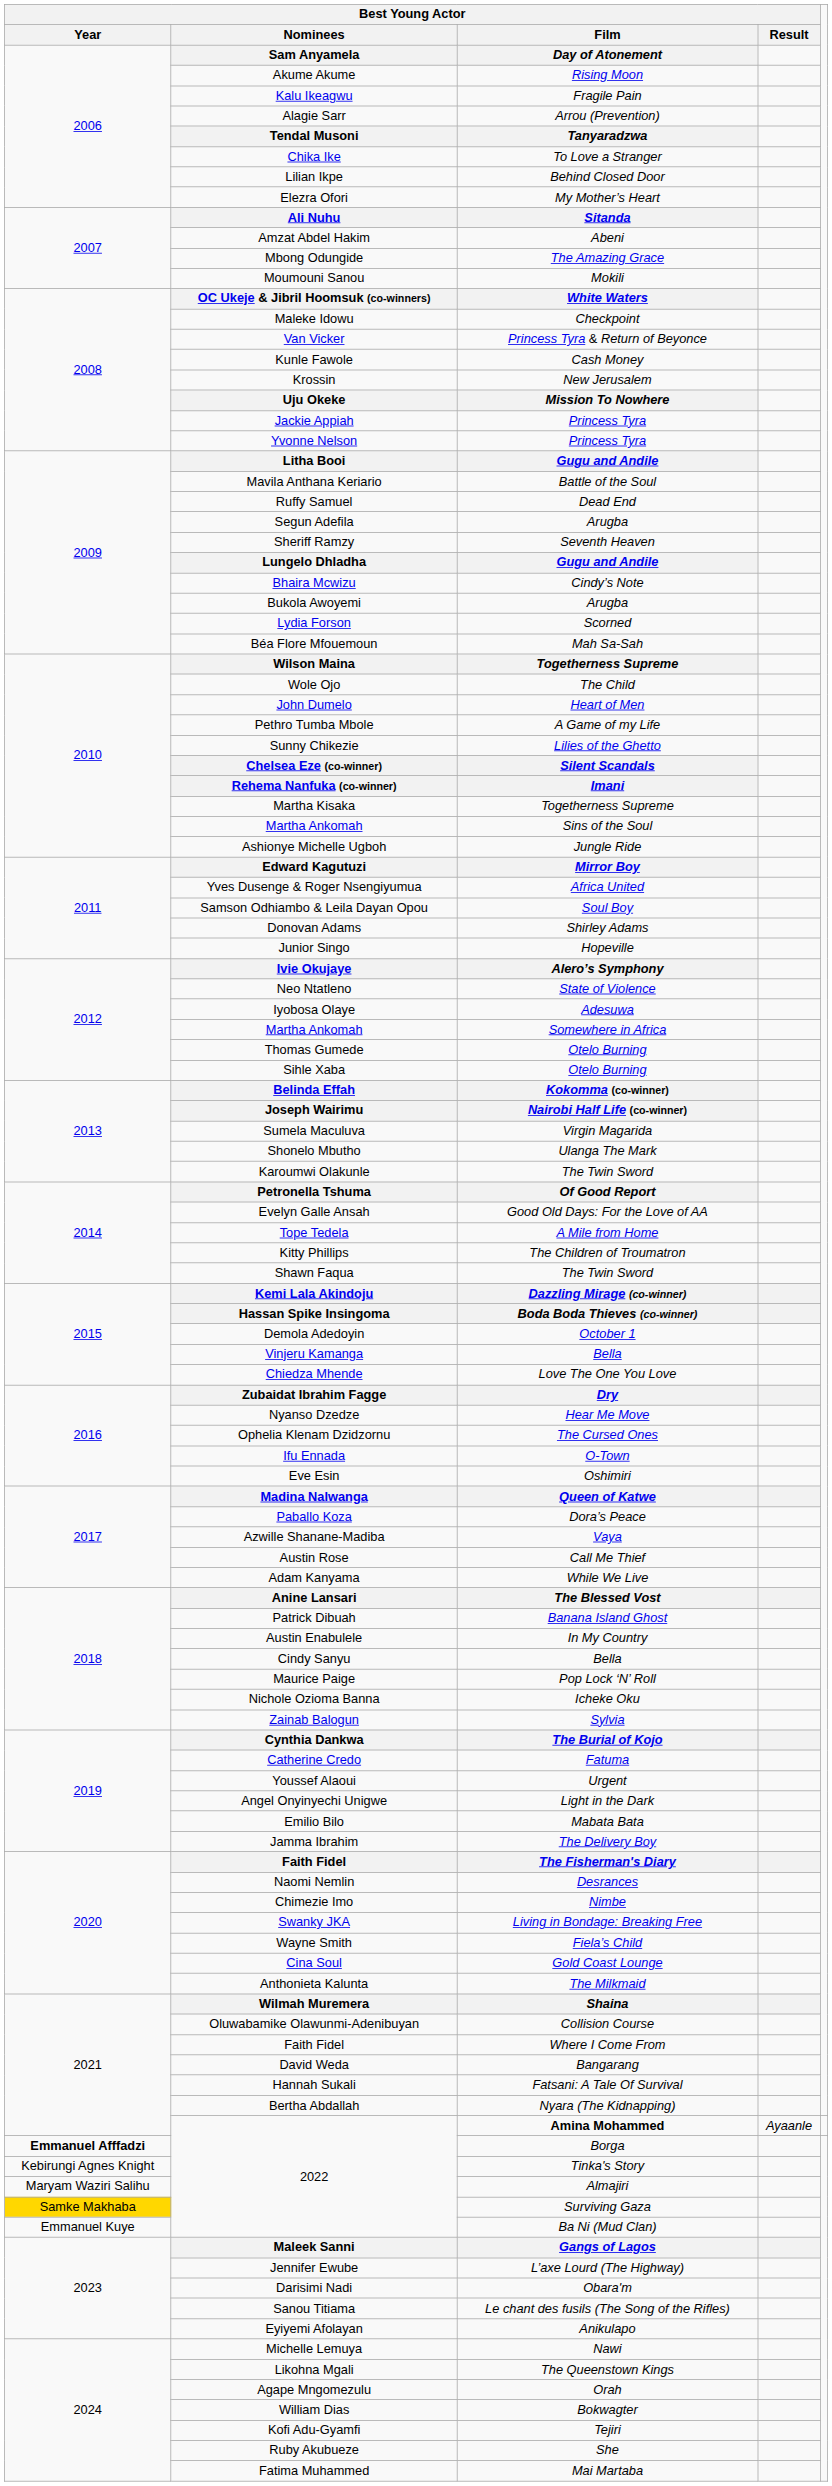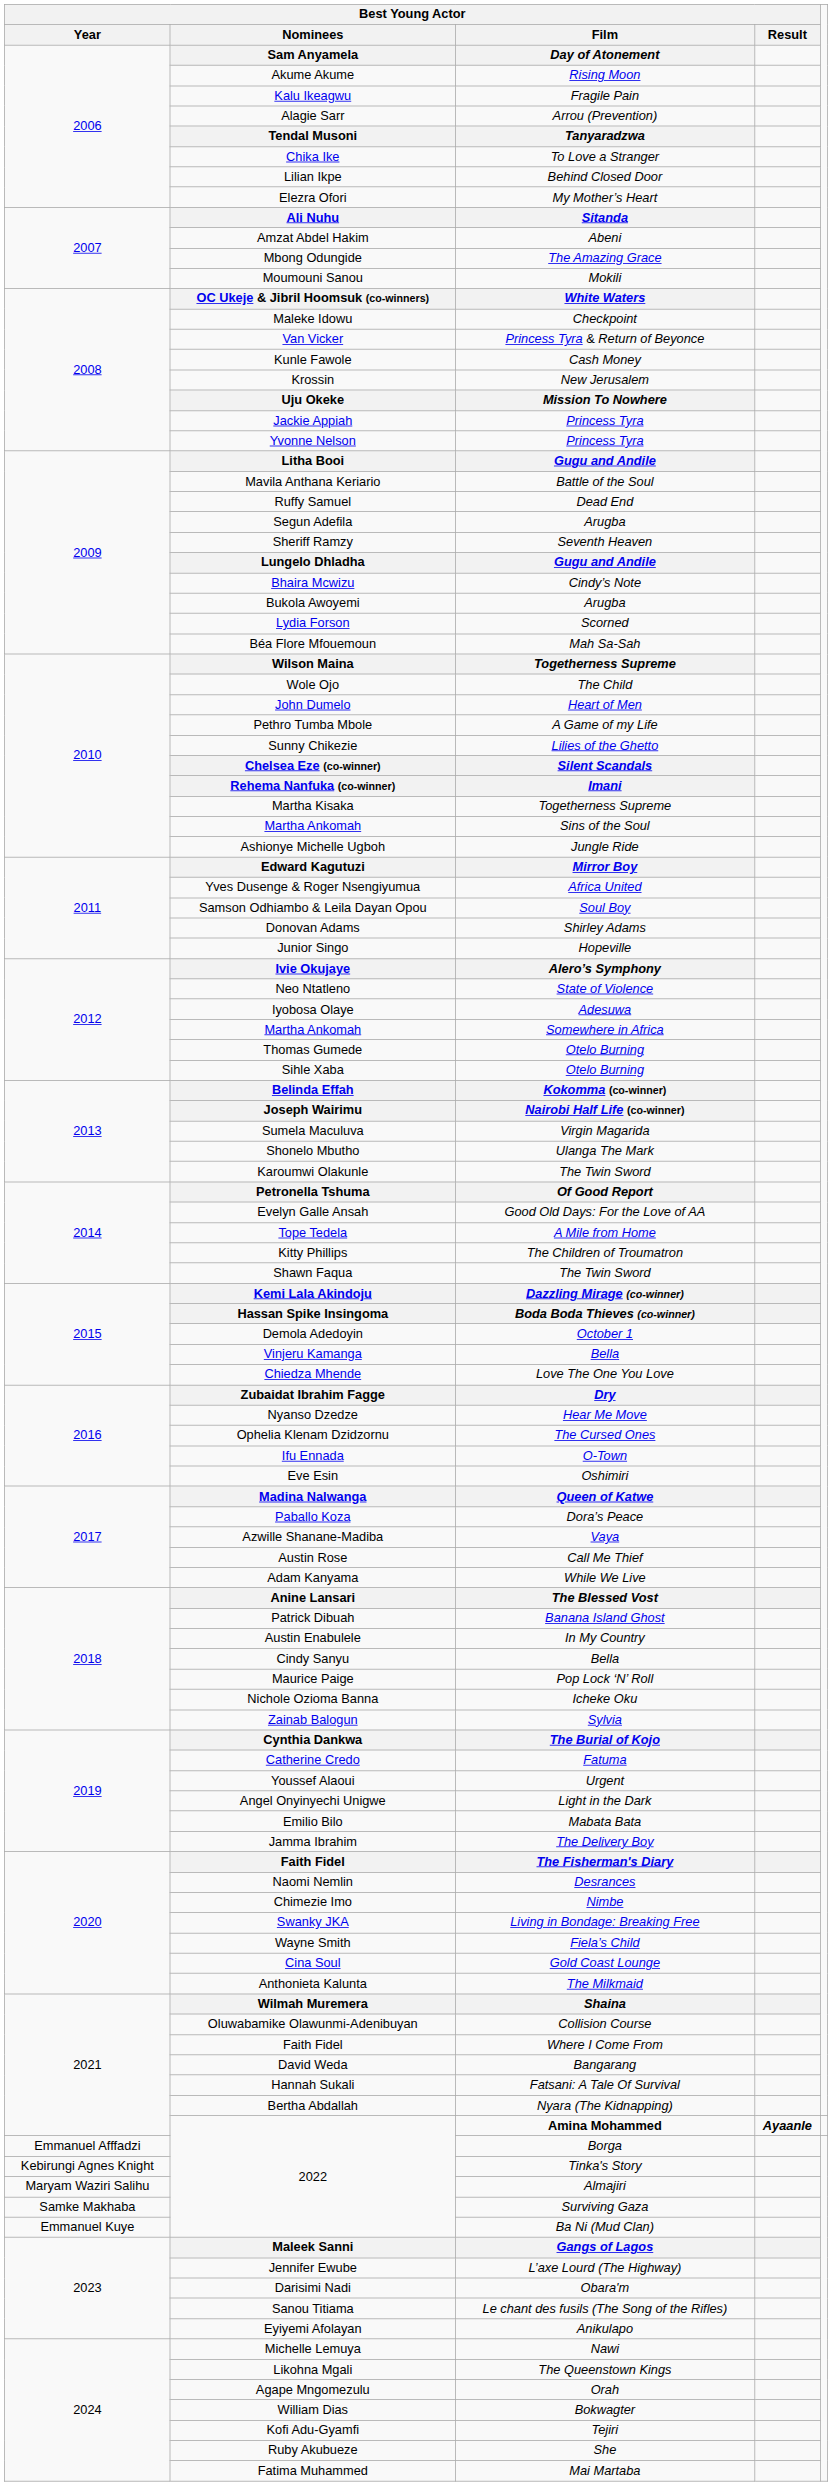 <table class=wikitable style="text-align:center" width="65%">
 <tr>
 <th colspan="4">Best Young Actor</th>
 </tr>
 <tr>
 <th>Year</th>
 <th>Nominees</th>
 <th>Film</th>
 <th>Result</th>
 </tr>
 <tr>
 <td rowspan="8"><a href='#'>2006</a></td>
 <th>Sam Anyamela</th>
 <th><em>Day of Atonement</em></th>
 <td></td>
 </tr>
 <tr>
 <td>Akume Akume</td>
 <td><em><a href='#'>Rising Moon</a></em></td>
 <td></td>
 </tr>
 <tr>
 <td><a href='#'>Kalu Ikeagwu</a></td>
 <td><em>Fragile Pain</em></td>
 <td></td>
 </tr>
 <tr>
 <td>Alagie Sarr</td>
 <td><em>Arrou (Prevention)</em></td>
 <td></td>
 </tr>
 <tr>
 <th>Tendal Musoni</th>
 <th><em>Tanyaradzwa</em></th>
 <td></td>
 </tr>
 <tr>
 <td><a href='#'>Chika Ike</a></td>
 <td><em>To Love a Stranger</em></td>
 <td></td>
 </tr>
 <tr>
 <td>Lilian Ikpe</td>
 <td><em>Behind Closed Door</em></td>
 <td></td>
 </tr>
 <tr>
 <td>Elezra Ofori</td>
 <td><em>My Mother’s Heart</em></td>
 <td></td>
 </tr>
 <tr>
 <td rowspan="4"><a href='#'>2007</a></td>
 <th><a href='#'>Ali Nuhu</a></th>
 <th><em><a href='#'>Sitanda</a></em></th>
 <td></td>
 </tr>
 <tr>
 <td>Amzat Abdel Hakim</td>
 <td><em>Abeni</em></td>
 <td></td>
 </tr>
 <tr>
 <td>Mbong Odungide</td>
 <td><em><a href='#'>The Amazing Grace</a></em></td>
 <td></td>
 </tr>
 <tr>
 <td>Moumouni Sanou</td>
 <td><em>Mokili</em></td>
 <td></td>
 </tr>
 <tr>
 <td rowspan="8"><a href='#'>2008</a></td>
 <th><a href='#'>OC Ukeje</a> & Jibril Hoomsuk <small>(co-winners)</small></th>
 <th><em><a href='#'>White Waters</a></em></th>
 <td></td>
 </tr>
 <tr>
 <td>Maleke Idowu</td>
 <td><em>Checkpoint</em></td>
 <td></td>
 </tr>
 <tr>
 <td><a href='#'>Van Vicker</a></td>
 <td><em><a href='#'>Princess Tyra</a></em> & <em>Return of Beyonce</em></td>
 <td></td>
 </tr>
 <tr>
 <td>Kunle Fawole</td>
 <td><em>Cash Money</em></td>
 <td></td>
 </tr>
 <tr>
 <td>Krossin</td>
 <td><em>New Jerusalem</em></td>
 <td></td>
 </tr>
 <tr>
 <th>Uju Okeke</th>
 <th><em>Mission To Nowhere</em></th>
 <td></td>
 </tr>
 <tr>
 <td><a href='#'>Jackie Appiah</a></td>
 <td><em><a href='#'>Princess Tyra</a></em></td>
 <td></td>
 </tr>
 <tr>
 <td><a href='#'>Yvonne Nelson</a></td>
 <td><em><a href='#'>Princess Tyra</a></em></td>
 <td></td>
 </tr>
 <tr>
 <td rowspan="10"><a href='#'>2009</a></td>
 <th>Litha Booi</th>
 <th><em><a href='#'>Gugu and Andile</a></em></th>
 <td></td>
 </tr>
 <tr>
 <td>Mavila Anthana Keriario</td>
 <td><em>Battle of the Soul</em></td>
 <td></td>
 </tr>
 <tr>
 <td>Ruffy Samuel</td>
 <td><em>Dead End</em></td>
 <td></td>
 </tr>
 <tr>
 <td>Segun Adefila</td>
 <td><em>Arugba</em></td>
 <td></td>
 </tr>
 <tr>
 <td>Sheriff Ramzy</td>
 <td><em>Seventh Heaven</em></td>
 <td></td>
 </tr>
 <tr>
 <th>Lungelo Dhladha</th>
 <th><em><a href='#'>Gugu and Andile</a></em></th>
 <td></td>
 </tr>
 <tr>
 <td><a href='#'>Bhaira Mcwizu</a></td>
 <td><em>Cindy’s Note</em></td>
 <td></td>
 </tr>
 <tr>
 <td>Bukola Awoyemi</td>
 <td><em>Arugba</em></td>
 <td></td>
 </tr>
 <tr>
 <td><a href='#'>Lydia Forson</a></td>
 <td><em>Scorned</em></td>
 <td></td>
 </tr>
 <tr>
 <td>Béa Flore Mfouemoun</td>
 <td><em>Mah Sa-Sah</em></td>
 <td></td>
 </tr>
 <tr>
 <td rowspan="10"><a href='#'>2010</a></td>
 <th>Wilson Maina</th>
 <th><em>Togetherness Supreme</em></th>
 <td></td>
 </tr>
 <tr>
 <td>Wole Ojo</td>
 <td><em>The Child</em></td>
 <td></td>
 </tr>
 <tr>
 <td><a href='#'>John Dumelo</a></td>
 <td><em><a href='#'>Heart of Men</a></em></td>
 <td></td>
 </tr>
 <tr>
 <td>Pethro Tumba Mbole</td>
 <td><em>A Game of my Life</em></td>
 <td></td>
 </tr>
 <tr>
 <td>Sunny Chikezie</td>
 <td><em><a href='#'>Lilies of the Ghetto</a></em></td>
 <td></td>
 </tr>
 <tr>
 <th><a href='#'>Chelsea Eze</a> <small>(co-winner)</small></th>
 <th><em><a href='#'>Silent Scandals</a></em></th>
 <td></td>
 </tr>
 <tr>
 <th><a href='#'>Rehema Nanfuka</a> <small>(co-winner)</small></th>
 <th><em><a href='#'>Imani</a></em></th>
 <td></td>
 </tr>
 <tr>
 <td>Martha Kisaka</td>
 <td><em>Togetherness Supreme</em></td>
 <td></td>
 </tr>
 <tr>
 <td><a href='#'>Martha Ankomah</a></td>
 <td><em>Sins of the Soul</em></td>
 <td></td>
 </tr>
 <tr>
 <td>Ashionye Michelle Ugboh</td>
 <td><em>Jungle Ride</em></td>
 <td></td>
 </tr>
 <tr>
 <td rowspan="5"><a href='#'>2011</a></td>
 <th>Edward Kagutuzi</th>
 <th><em><a href='#'>Mirror Boy</a></em></th>
 <td></td>
 </tr>
 <tr>
 <td>Yves Dusenge & Roger Nsengiyumua</td>
 <td><em><a href='#'>Africa United</a></em></td>
 <td></td>
 </tr>
 <tr>
 <td>Samson Odhiambo & Leila Dayan Opou</td>
 <td><em><a href='#'>Soul Boy</a></em></td>
 <td></td>
 </tr>
 <tr>
 <td>Donovan Adams</td>
 <td><em>Shirley Adams</em></td>
 <td></td>
 </tr>
 <tr>
 <td>Junior Singo</td>
 <td><em>Hopeville</em></td>
 <td></td>
 </tr>
 <tr>
 <td rowspan="6"><a href='#'>2012</a></td>
 <th><a href='#'>Ivie Okujaye</a></th>
 <th><em>Alero’s Symphony</em></th>
 <td></td>
 </tr>
 <tr>
 <td>Neo Ntatleno</td>
 <td><em><a href='#'>State of Violence</a></em></td>
 <td></td>
 </tr>
 <tr>
 <td>Iyobosa Olaye</td>
 <td><em><a href='#'>Adesuwa</a></em></td>
 <td></td>
 </tr>
 <tr>
 <td><a href='#'>Martha Ankomah</a></td>
 <td><em><a href='#'>Somewhere in Africa</a></em></td>
 <td></td>
 </tr>
 <tr>
 <td>Thomas Gumede</td>
 <td><em><a href='#'>Otelo Burning</a></em></td>
 <td></td>
 </tr>
 <tr>
 <td>Sihle Xaba</td>
 <td><em><a href='#'>Otelo Burning</a></em></td>
 <td></td>
 </tr>
 <tr>
 <td rowspan="5"><a href='#'>2013</a></td>
 <th><a href='#'>Belinda Effah</a></th>
 <th><em><a href='#'>Kokomma</a></em> <small>(co-winner)</small></th>
 <td></td>
 </tr>
 <tr>
 <th>Joseph Wairimu</th>
 <th><em><a href='#'>Nairobi Half Life</a></em> <small>(co-winner)</small></th>
 <td></td>
 </tr>
 <tr>
 <td>Sumela Maculuva</td>
 <td><em>Virgin Magarida</em></td>
 <td></td>
 </tr>
 <tr>
 <td>Shonelo Mbutho</td>
 <td><em>Ulanga The Mark</em></td>
 <td></td>
 </tr>
 <tr>
 <td>Karoumwi Olakunle</td>
 <td><em>The Twin Sword</em></td>
 <td></td>
 </tr>
 <tr>
 <td rowspan="5"><a href='#'>2014</a></td>
 <th>Petronella Tshuma</th>
 <th><em>Of Good Report</em></th>
 <td></td>
 </tr>
 <tr>
 <td>Evelyn Galle Ansah</td>
 <td><em>Good Old Days: For the Love of AA</em></td>
 <td></td>
 </tr>
 <tr>
 <td><a href='#'>Tope Tedela</a></td>
 <td><em><a href='#'>A Mile from Home</a></em></td>
 <td></td>
 </tr>
 <tr>
 <td>Kitty Phillips</td>
 <td><em>The Children of Troumatron</em></td>
 <td></td>
 </tr>
 <tr>
 <td>Shawn Faqua</td>
 <td><em>The Twin Sword</em></td>
 <td></td>
 </tr>
 <tr>
 <td rowspan="5"><a href='#'>2015</a></td>
 <th><strong><a href='#'>Kemi Lala Akindoju</a></strong></th>
 <th><strong><em><a href='#'>Dazzling Mirage</a> <small>(co-winner)</small></em></strong></th>
 <th></th>
 </tr>
 <tr>
 <th><strong>Hassan Spike Insingoma</strong></th>
 <th><strong><em>Boda Boda Thieves <small>(co-winner)</small></em></strong></th>
 <th></th>
 </tr>
 <tr>
 <td>Demola Adedoyin</td>
 <td><em><a href='#'>October 1</a></em></td>
 <td></td>
 </tr>
 <tr>
 <td><a href='#'>Vinjeru Kamanga</a></td>
 <td><em><a href='#'>Bella</a></em></td>
 <td></td>
 </tr>
 <tr>
 <td><a href='#'>Chiedza Mhende</a></td>
 <td><em>Love The One You Love</em></td>
 <td></td>
 </tr>
 <tr>
 <td rowspan="5"><a href='#'>2016</a></td>
 <th><strong>Zubaidat Ibrahim Fagge</strong></th>
 <th><strong><em><a href='#'>Dry</a></em></strong></th>
 <th></th>
 </tr>
 <tr>
 <td>Nyanso Dzedze</td>
 <td><em><a href='#'>Hear Me Move</a></em></td>
 <td></td>
 </tr>
 <tr>
 <td>Ophelia Klenam Dzidzornu</td>
 <td><em><a href='#'>The Cursed Ones</a></em></td>
 <td></td>
 </tr>
 <tr>
 <td><a href='#'>Ifu Ennada</a></td>
 <td><em><a href='#'>O-Town</a></em></td>
 <td></td>
 </tr>
 <tr>
 <td>Eve Esin</td>
 <td><em>Oshimiri</em></td>
 <td></td>
 </tr>
 <tr>
 <td rowspan="5"><a href='#'>2017</a></td>
 <th><strong><a href='#'>Madina Nalwanga</a></strong></th>
 <th><em><a href='#'>Queen of Katwe</a></em></th>
 <th></th>
 </tr>
 <tr>
 <td><a href='#'>Paballo Koza</a></td>
 <td><em>Dora’s Peace</em></td>
 <td></td>
 </tr>
 <tr>
 <td>Azwille Shanane-Madiba</td>
 <td><a href='#'><em>Vaya</em></a></td>
 <td></td>
 </tr>
 <tr>
 <td>Austin Rose</td>
 <td><em>Call Me Thief</em></td>
 <td></td>
 </tr>
 <tr>
 <td>Adam Kanyama</td>
 <td><em>While We Live</em></td>
 <td></td>
 </tr>
 <tr>
 <td rowspan="7"><a href='#'>2018</a></td>
 <th><strong>Anine Lansari</strong></th>
 <th><em>The Blessed Vost</em></th>
 <th></th>
 </tr>
 <tr>
 <td>Patrick Dibuah</td>
 <td><em><a href='#'>Banana Island Ghost</a></em></td>
 <td></td>
 </tr>
 <tr>
 <td>Austin Enabulele</td>
 <td><em>In My Country</em></td>
 <td></td>
 </tr>
 <tr>
 <td>Cindy Sanyu</td>
 <td><em>Bella</em></td>
 <td></td>
 </tr>
 <tr>
 <td>Maurice Paige</td>
 <td><em>Pop Lock ‘N’ Roll</em></td>
 <td></td>
 </tr>
 <tr>
 <td>Nichole Ozioma Banna</td>
 <td><em>Icheke Oku</em></td>
 <td></td>
 </tr>
 <tr>
 <td><a href='#'>Zainab Balogun</a></td>
 <td><em><a href='#'>Sylvia</a></em></td>
 <td></td>
 </tr>
 <tr>
 <td rowspan="6"><a href='#'>2019</a></td>
 <th><strong>Cynthia Dankwa</strong></th>
 <th><strong><em><a href='#'>The Burial of Kojo</a></em></strong></th>
 <th></th>
 </tr>
 <tr>
 <td><a href='#'>Catherine Credo</a></td>
 <td><em><a href='#'>Fatuma</a></em></td>
 <td></td>
 </tr>
 <tr>
 <td>Youssef Alaoui</td>
 <td><em>Urgent</em></td>
 <td></td>
 </tr>
 <tr>
 <td>Angel Onyinyechi Unigwe</td>
 <td><em>Light in the Dark</em></td>
 <td></td>
 </tr>
 <tr>
 <td>Emilio Bilo</td>
 <td><em>Mabata Bata</em></td>
 <td></td>
 </tr>
 <tr>
 <td>Jamma Ibrahim</td>
 <td><em><a href='#'>The Delivery Boy</a></em></td>
 <td></td>
 </tr>
 <tr>
 <td rowspan="7"><a href='#'>2020</a></td>
 <th><strong>Faith Fidel</strong></th>
 <th><strong><em><a href='#'>The Fisherman's Diary</a></em></strong></th>
 <th></th>
 </tr>
 <tr>
 <td>Naomi Nemlin</td>
 <td><em><a href='#'>Desrances</a></em></td>
 <td></td>
 </tr>
 <tr>
 <td>Chimezie Imo</td>
 <td><em><a href='#'>Nimbe</a></em></td>
 <td></td>
 </tr>
 <tr>
 <td><a href='#'>Swanky JKA</a></td>
 <td><em><a href='#'>Living in Bondage: Breaking Free</a></em></td>
 <td></td>
 </tr>
 <tr>
 <td>Wayne Smith</td>
 <td><em><a href='#'>Fiela’s Child</a></em></td>
 <td></td>
 </tr>
 <tr>
 <td><a href='#'>Cina Soul</a></td>
 <td><em><a href='#'>Gold Coast Lounge</a></em></td>
 <td></td>
 </tr>
 <tr>
 <td>Anthonieta Kalunta</td>
 <td><em><a href='#'>The Milkmaid</a></em></td>
 <td></td>
 </tr>
 <tr>
 <td rowspan="7">2021</td>
 <th><strong>Wilmah Muremera</strong></th>
 <th><em>Shaina</em></th>
 <th></th>
 </tr>
 <tr>
 <td>Oluwabamike Olawunmi-Adenibuyan</td>
 <td><em>Collision Course</em></td>
 <td></td>
 </tr>
 <tr>
 <td>Faith Fidel</td>
 <td><em>Where I Come From</em></td>
 <td></td>
 </tr>
 <tr>
 <td>David Weda</td>
 <td><em>Bangarang</em></td>
 <td></td>
 </tr>
 <tr>
 <td>Hannah Sukali</td>
 <td><em>Fatsani: A Tale Of Survival</em></td>
 <td></td>
 </tr>
 <tr>
 <td>Bertha Abdallah</td>
 <td><em>Nyara (The Kidnapping)</em></td>
 <td></td>
 </tr>
 <tr>
 <td rowspan="6">2022</td>
 <td><strong>Amina Mohammed</strong></td>
-<td><em>Ayaanle</em></td>
+<td><strong><em>Ayaanle</em></strong></td>
 <td></td>
 </tr>
 <tr>
-<td><strong>Emmanuel Afffadzi</strong></td>
+<td>Emmanuel Afffadzi</td>
 <td><em>Borga</em></td>
 <td></td>
 </tr>
 <tr>
 <td>Kebirungi Agnes Knight</td>
 <td><em>Tinka's Story</em></td>
 <td></td>
 </tr>
 <tr>
 <td>Maryam Waziri Salihu</td>
 <td><em>Almajiri</em></td>
 <td></td>
 </tr>
 <tr>
-<td style="background: gold;">Samke Makhaba</td>
+<td>Samke Makhaba</td>
 <td><em>Surviving Gaza</em></td>
 <td></td>
 </tr>
 <tr>
 <td>Emmanuel Kuye</td>
 <td><em>Ba Ni (Mud Clan)</em></td>
 <td></td>
 </tr>
 <tr>
 <td rowspan="5">2023</td>
 <th><strong>Maleek Sanni</strong></th>
 <th><em><a href='#'>Gangs of Lagos</a></em></th>
 <th></th>
 </tr>
 <tr>
 <td>Jennifer Ewube</td>
 <td><em>L’axe Lourd (The Highway)</em></td>
 <td></td>
 </tr>
 <tr>
 <td>Darisimi Nadi</td>
 <td><em>Obara'm</em></td>
 <td></td>
 </tr>
 <tr>
 <td>Sanou Titiama</td>
 <td><em>Le chant des fusils (The Song of the Rifles)</em></td>
 <td></td>
 </tr>
 <tr>
 <td>Eyiyemi Afolayan</td>
 <td><em>Anikulapo</em></td>
 <td></td>
 </tr>
 <tr>
 <td rowspan="7">2024</td>
 <td>Michelle Lemuya</td>
 <td><em>Nawi</em></td>
 <td></td>
 </tr>
 <tr>
 <td>Likohna Mgali</td>
 <td><em>The Queenstown Kings</em></td>
 <td></td>
 </tr>
 <tr>
 <td>Agape Mngomezulu</td>
 <td><em>Orah</em></td>
 <td></td>
 </tr>
 <tr>
 <td>William Dias</td>
 <td><em>Bokwagter</em></td>
 <td></td>
 </tr>
 <tr>
 <td>Kofi Adu-Gyamfi</td>
 <td><em>Tejiri</em></td>
 <td></td>
 </tr>
 <tr>
 <td>Ruby Akubueze</td>
 <td><em>She</em></td>
 <td></td>
 </tr>
 <tr>
 <td>Fatima Muhammed</td>
 <td><em>Mai Martaba</em></td>
 <td></td>
 </tr>
 </table>
